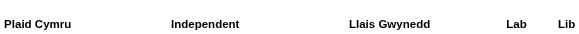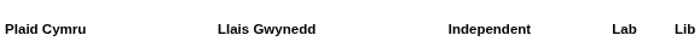 <table style="width:100%; text-align:center;">
 <tr style="color:white;">
 <td style="background:"><strong>41</strong></td>
+<td style="background:"><strong>6</strong></td>
 <td style="background:"><strong>26</strong></td>
-<td style="background:"><strong>6</strong></td>
 <td style="background:"><strong>1</strong></td>
 <td style="background:"><strong>1</strong></td>
 </tr>
 <tr>
 <td><span><strong>Plaid Cymru</strong></span></td>
+<td><span><strong>Llais Gwynedd</strong></span></td>
 <td><span><strong>Independent</strong></span></td>
-<td><span><strong>Llais Gwynedd</strong></span></td>
 <td><span><strong>Lab</strong></span></td>
 <td><span><strong>Lib</strong></span></td>
 </tr>
 </table>
